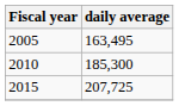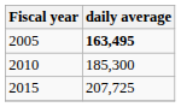 <table class="wikitable">
 <tr>
 <th>Fiscal year</th>
 <th>daily average</th>
 </tr>
 <tr>
 <td>2005</td>
-<td>163,495</td>
+<td><strong>163,495</strong></td>
 </tr>
 <tr>
 <td>2010</td>
 <td>185,300</td>
 </tr>
 <tr>
 <td>2015</td>
 <td>207,725</td>
 </tr>
 <tr>
 </tr>
 </table>
